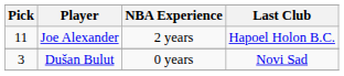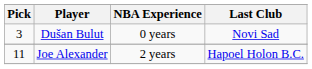 <table class="wikitable sortable sortable">
 <tr>
 </tr>
 <tr style="text-align: center">
 <th>Pick</th>
 <th>Player</th>
 <th>NBA Experience</th>
 <th>Last Club</th>
 </tr>
 <tr style="text-align: center">
+<td>3</td>
+<td><a href='#'>Dušan Bulut</a></td>
+<td>0 years</td>
+<td> <a href='#'>Novi Sad</a></td>
+</tr>
+<tr>
+</tr>
+<tr style="text-align: center">
 <td>11</td>
 <td><a href='#'>Joe Alexander</a></td>
 <td>2 years</td>
 <td> <a href='#'>Hapoel Holon B.C.</a></td>
 </tr>
 <tr>
 </tr>
-<tr style="text-align: center">
-<td>3</td>
-<td><a href='#'>Dušan Bulut</a></td>
-<td>0 years</td>
-<td> <a href='#'>Novi Sad</a></td>
-</tr>
-<tr>
-</tr>
 </table>
